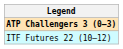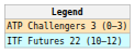 <table class=wikitable style=font-size:97%>
 <tr>
 <th>Legend</th>
 </tr>
 <tr style="background:moccasin;">
-<td><strong>ATP Challengers 3 (0–3)</strong></td>
+<td>ATP Challengers 3 (0–3)</td>
 </tr>
 <tr style="background:#cffcff;">
 <td>ITF Futures 22 (10–12)</td>
 </tr>
 </table>
